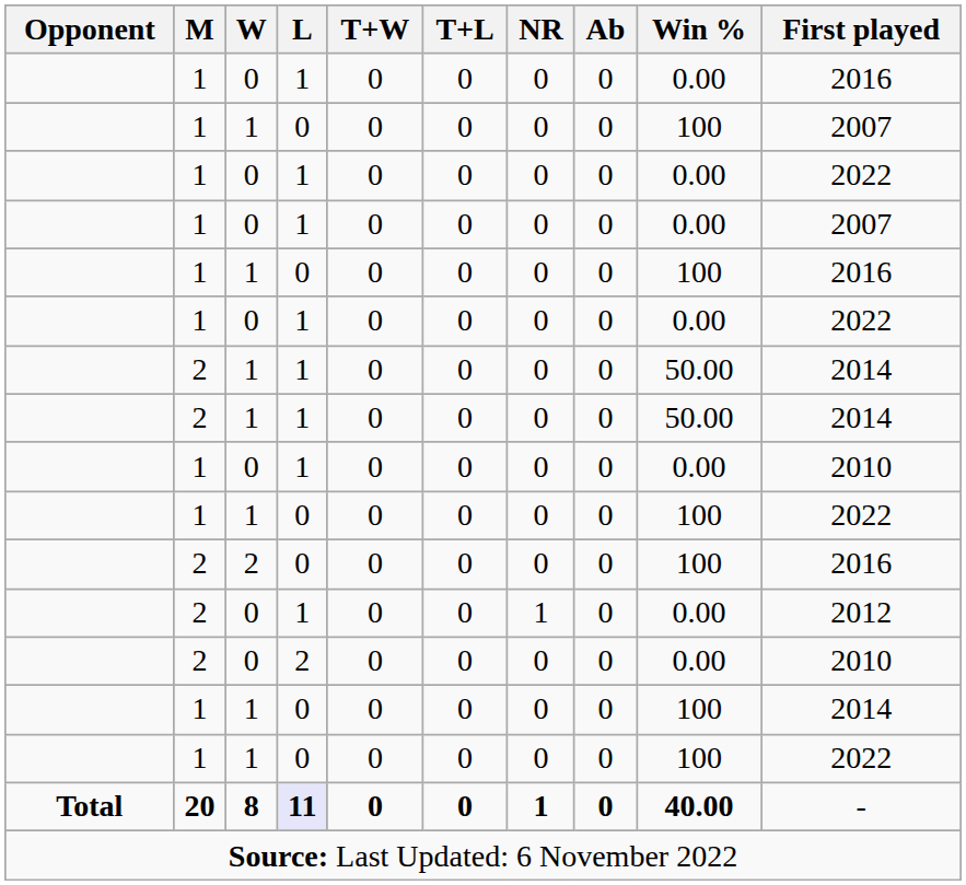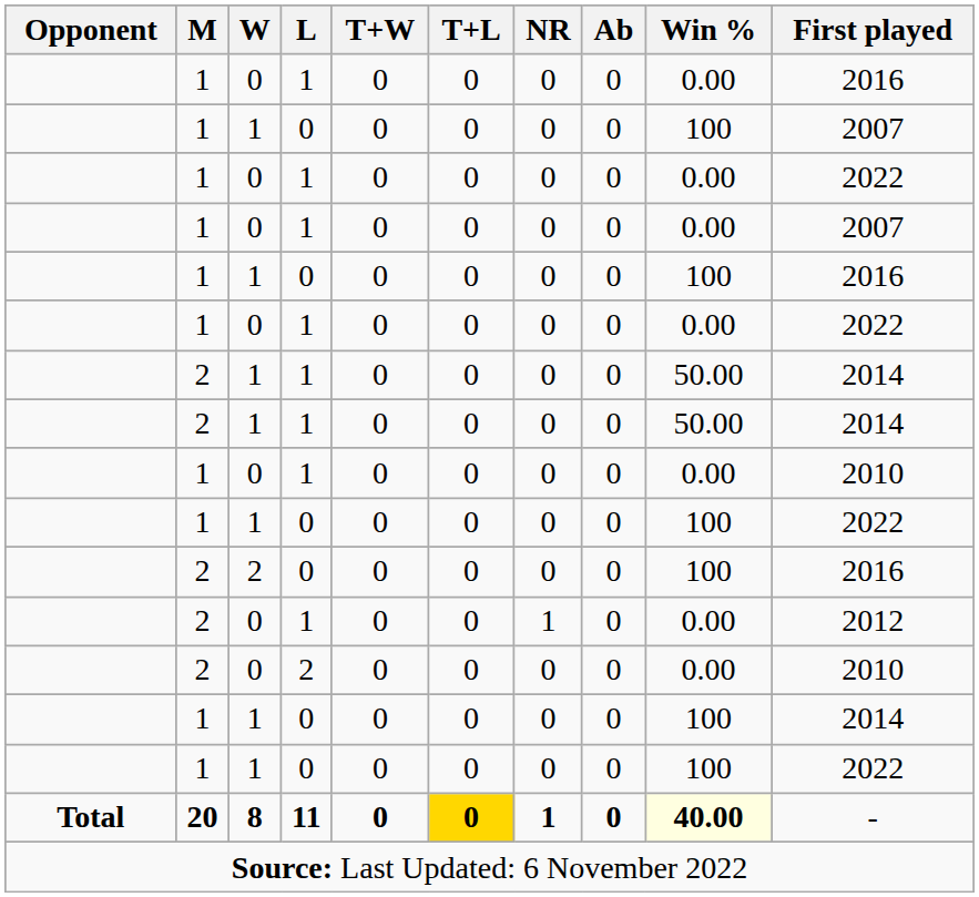 <table class="wikitable" style="text-align: center; width: 500px;">
 <tr>
 <th>Opponent</th>
 <th>M</th>
 <th>W</th>
 <th>L</th>
 <th>T+W</th>
 <th>T+L</th>
 <th>NR</th>
 <th>Ab</th>
 <th>Win %</th>
 <th>First played</th>
 </tr>
 <tr>
 <td align="left"></td>
 <td>1</td>
 <td>0</td>
 <td>1</td>
 <td>0</td>
 <td>0</td>
 <td>0</td>
 <td>0</td>
 <td>0.00</td>
 <td>2016</td>
 </tr>
 <tr>
 <td align="left"></td>
 <td>1</td>
 <td>1</td>
 <td>0</td>
 <td>0</td>
 <td>0</td>
 <td>0</td>
 <td>0</td>
 <td>100</td>
 <td>2007</td>
 </tr>
 <tr>
 <td align="left"></td>
 <td>1</td>
 <td>0</td>
 <td>1</td>
 <td>0</td>
 <td>0</td>
 <td>0</td>
 <td>0</td>
 <td>0.00</td>
 <td>2022</td>
 </tr>
 <tr>
 <td align="left"></td>
 <td>1</td>
 <td>0</td>
 <td>1</td>
 <td>0</td>
 <td>0</td>
 <td>0</td>
 <td>0</td>
 <td>0.00</td>
 <td>2007</td>
 </tr>
 <tr>
 <td align="left"></td>
 <td>1</td>
 <td>1</td>
 <td>0</td>
 <td>0</td>
 <td>0</td>
 <td>0</td>
 <td>0</td>
 <td>100</td>
 <td>2016</td>
 </tr>
 <tr>
 <td align="left"></td>
 <td>1</td>
 <td>0</td>
 <td>1</td>
 <td>0</td>
 <td>0</td>
 <td>0</td>
 <td>0</td>
 <td>0.00</td>
 <td>2022</td>
 </tr>
 <tr>
 <td align="left"></td>
 <td>2</td>
 <td>1</td>
 <td>1</td>
 <td>0</td>
 <td>0</td>
 <td>0</td>
 <td>0</td>
 <td>50.00</td>
 <td>2014</td>
 </tr>
 <tr>
 <td align="left"></td>
 <td>2</td>
 <td>1</td>
 <td>1</td>
 <td>0</td>
 <td>0</td>
 <td>0</td>
 <td>0</td>
 <td>50.00</td>
 <td>2014</td>
 </tr>
 <tr>
 <td align="left"></td>
 <td>1</td>
 <td>0</td>
 <td>1</td>
 <td>0</td>
 <td>0</td>
 <td>0</td>
 <td>0</td>
 <td>0.00</td>
 <td>2010</td>
 </tr>
 <tr>
 <td align="left"></td>
 <td>1</td>
 <td>1</td>
 <td>0</td>
 <td>0</td>
 <td>0</td>
 <td>0</td>
 <td>0</td>
 <td>100</td>
 <td>2022</td>
 </tr>
 <tr>
 <td align="left"></td>
 <td>2</td>
 <td>2</td>
 <td>0</td>
 <td>0</td>
 <td>0</td>
 <td>0</td>
 <td>0</td>
 <td>100</td>
 <td>2016</td>
 </tr>
 <tr>
 <td align="left"></td>
 <td>2</td>
 <td>0</td>
 <td>1</td>
 <td>0</td>
 <td>0</td>
 <td>1</td>
 <td>0</td>
 <td>0.00</td>
 <td>2012</td>
 </tr>
 <tr>
 <td align="left"></td>
 <td>2</td>
 <td>0</td>
 <td>2</td>
 <td>0</td>
 <td>0</td>
 <td>0</td>
 <td>0</td>
 <td>0.00</td>
 <td>2010</td>
 </tr>
 <tr>
 <td align="left"></td>
 <td>1</td>
 <td>1</td>
 <td>0</td>
 <td>0</td>
 <td>0</td>
 <td>0</td>
 <td>0</td>
 <td>100</td>
 <td>2014</td>
 </tr>
 <tr>
 <td align="left"></td>
 <td>1</td>
 <td>1</td>
 <td>0</td>
 <td>0</td>
 <td>0</td>
 <td>0</td>
 <td>0</td>
 <td>100</td>
 <td>2022</td>
 </tr>
 <tr>
 <td><strong>Total</strong></td>
 <td><strong>20</strong></td>
 <td><strong>8</strong></td>
-<td style="background: lavender;"><strong>11</strong></td>
+<td><strong>11</strong></td>
 <td><strong>0</strong></td>
-<td><strong>0</strong></td>
+<td style="background: gold;"><strong>0</strong></td>
 <td><strong>1</strong></td>
 <td><strong>0</strong></td>
-<td><strong>40.00</strong></td>
+<td style="background: lightyellow;"><strong>40.00</strong></td>
 <td>-</td>
 </tr>
 <tr>
 <td colspan="10"><strong>Source:</strong> Last Updated: 6 November 2022</td>
 </tr>
 <tr>
 </tr>
 </table>
